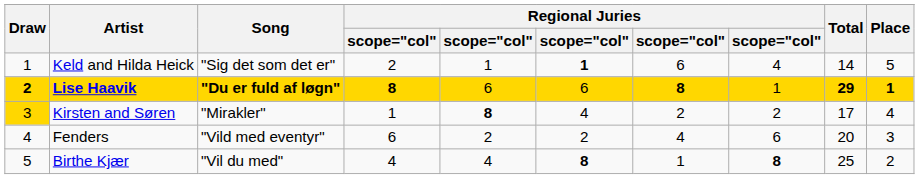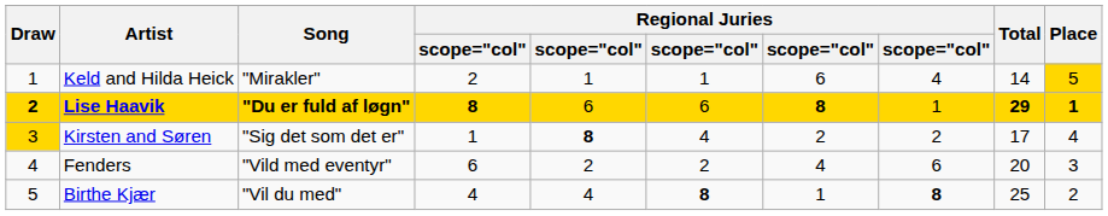 <table class="wikitable plainrowheaders" style="margin: 1em auto 1em auto; text-align:center;">
 <tr>
 </tr>
 <tr>
 <th scope="col" rowspan="2">Draw</th>
 <th scope="col" rowspan="2">Artist</th>
 <th scope="col" rowspan="2">Song</th>
 <th scope="col" colspan="5">Regional Juries</th>
 <th scope="col" rowspan="2">Total</th>
 <th scope="col" rowspan="2">Place</th>
 </tr>
 <tr>
 <th>scope="col" </th>
 <th>scope="col" </th>
 <th>scope="col" </th>
 <th>scope="col" </th>
 <th>scope="col" </th>
 </tr>
 <tr>
 <td>1</td>
 <td align="left"><a href='#'>Keld</a> and Hilda Heick</td>
-<td align="left">"Sig det som det er"</td>
+<td align="left">"Mirakler"</td>
 <td>2</td>
 <td>1</td>
-<td><strong>1</strong></td>
+<td>1</td>
 <td>6</td>
 <td>4</td>
 <td>14</td>
-<td>5</td>
+<td style="background: gold;">5</td>
 </tr>
 <tr style="background:gold;">
 <td><strong>2</strong></td>
 <td align="left"><strong><a href='#'>Lise Haavik</a></strong></td>
 <td align="left"><strong>"Du er fuld af løgn"</strong></td>
 <td><strong>8</strong></td>
 <td>6</td>
 <td>6</td>
 <td><strong>8</strong></td>
 <td>1</td>
 <td><strong>29</strong></td>
 <td><strong>1</strong></td>
 </tr>
 <tr>
 <td style="background: gold;">3</td>
 <td align="left"><a href='#'>Kirsten and Søren</a></td>
-<td align="left">"Mirakler"</td>
+<td align="left">"Sig det som det er"</td>
 <td>1</td>
 <td><strong>8</strong></td>
 <td>4</td>
 <td>2</td>
 <td>2</td>
 <td>17</td>
 <td>4</td>
 </tr>
 <tr>
 <td>4</td>
 <td align="left">Fenders</td>
 <td align="left">"Vild med eventyr"</td>
 <td>6</td>
 <td>2</td>
 <td>2</td>
 <td>4</td>
 <td>6</td>
 <td>20</td>
 <td>3</td>
 </tr>
 <tr>
 <td>5</td>
 <td align="left"><a href='#'>Birthe Kjær</a></td>
 <td align="left">"Vil du med"</td>
 <td>4</td>
 <td>4</td>
 <td><strong>8</strong></td>
 <td>1</td>
 <td><strong>8</strong></td>
 <td>25</td>
 <td>2</td>
 </tr>
 </table>
